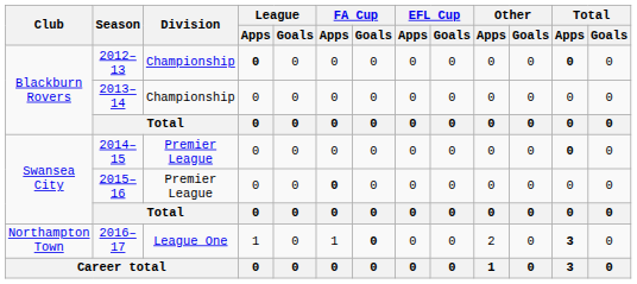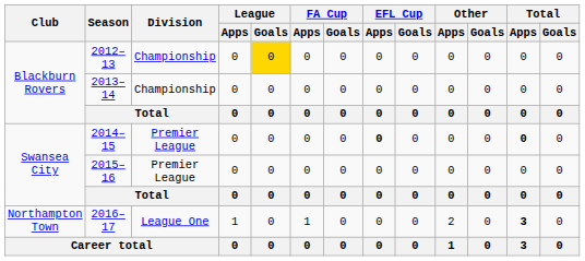 <table class="wikitable" style="text-align:center;">
 <tr>
 <th rowspan="2">Club</th>
 <th rowspan="2">Season</th>
 <th rowspan="2">Division</th>
 <th colspan="2">League</th>
 <th colspan="2"><a href='#'>FA Cup</a></th>
 <th colspan="2"><a href='#'>EFL Cup</a></th>
 <th colspan="2">Other</th>
 <th colspan="2">Total</th>
 </tr>
 <tr>
 <th>Apps</th>
 <th>Goals</th>
 <th>Apps</th>
 <th>Goals</th>
 <th>Apps</th>
 <th>Goals</th>
 <th>Apps</th>
 <th>Goals</th>
 <th>Apps</th>
 <th>Goals</th>
 </tr>
 <tr>
 <td rowspan=3><a href='#'>Blackburn Rovers</a></td>
 <td><a href='#'>2012–13</a></td>
 <td><a href='#'>Championship</a></td>
-<td><strong>0</strong></td>
+<td>0</td>
+<td style="background: gold;">0</td>
 <td>0</td>
 <td>0</td>
 <td>0</td>
 <td>0</td>
 <td>0</td>
 <td>0</td>
 <td>0</td>
-<td><strong>0</strong></td>
 <td>0</td>
 </tr>
 <tr>
 <td><a href='#'>2013–14</a></td>
 <td>Championship</td>
 <td>0</td>
 <td>0</td>
 <td>0</td>
 <td>0</td>
 <td>0</td>
 <td>0</td>
 <td>0</td>
 <td>0</td>
 <td>0</td>
 <td>0</td>
 </tr>
 <tr>
 <th colspan="2">Total</th>
 <th>0</th>
 <th>0</th>
 <th>0</th>
 <th>0</th>
 <th>0</th>
 <th>0</th>
 <th>0</th>
 <th>0</th>
 <th>0</th>
 <th>0</th>
 </tr>
 <tr>
 <td rowspan=3><a href='#'>Swansea City</a></td>
 <td><a href='#'>2014–15</a></td>
 <td><a href='#'>Premier League</a></td>
 <td>0</td>
 <td>0</td>
 <td>0</td>
 <td>0</td>
-<td>0</td>
+<td><strong>0</strong></td>
 <td>0</td>
 <td>0</td>
 <td>0</td>
 <td><strong>0</strong></td>
 <td>0</td>
 </tr>
 <tr>
 <td><a href='#'>2015–16</a></td>
 <td>Premier League</td>
 <td>0</td>
 <td>0</td>
-<td><strong>0</strong></td>
+<td>0</td>
 <td>0</td>
 <td>0</td>
 <td>0</td>
 <td>0</td>
 <td>0</td>
 <td>0</td>
 <td>0</td>
 </tr>
 <tr>
 <th colspan="2">Total</th>
 <th>0</th>
 <th>0</th>
 <th>0</th>
 <th>0</th>
 <th>0</th>
 <th>0</th>
 <th>0</th>
 <th>0</th>
 <th>0</th>
 <th>0</th>
 </tr>
 <tr>
 <td><a href='#'>Northampton Town</a></td>
 <td><a href='#'>2016–17</a></td>
 <td><a href='#'>League One</a></td>
 <td>1</td>
 <td>0</td>
 <td>1</td>
-<td><strong>0</strong></td>
+<td>0</td>
 <td>0</td>
 <td>0</td>
 <td>2</td>
 <td>0</td>
 <td><strong>3</strong></td>
 <td>0</td>
 </tr>
 <tr>
 <th colspan="3">Career total</th>
 <th>0</th>
 <th>0</th>
 <th>0</th>
 <th>0</th>
 <th>0</th>
 <th>0</th>
 <th>1</th>
 <th>0</th>
 <th>3</th>
 <th>0</th>
 </tr>
 </table>
